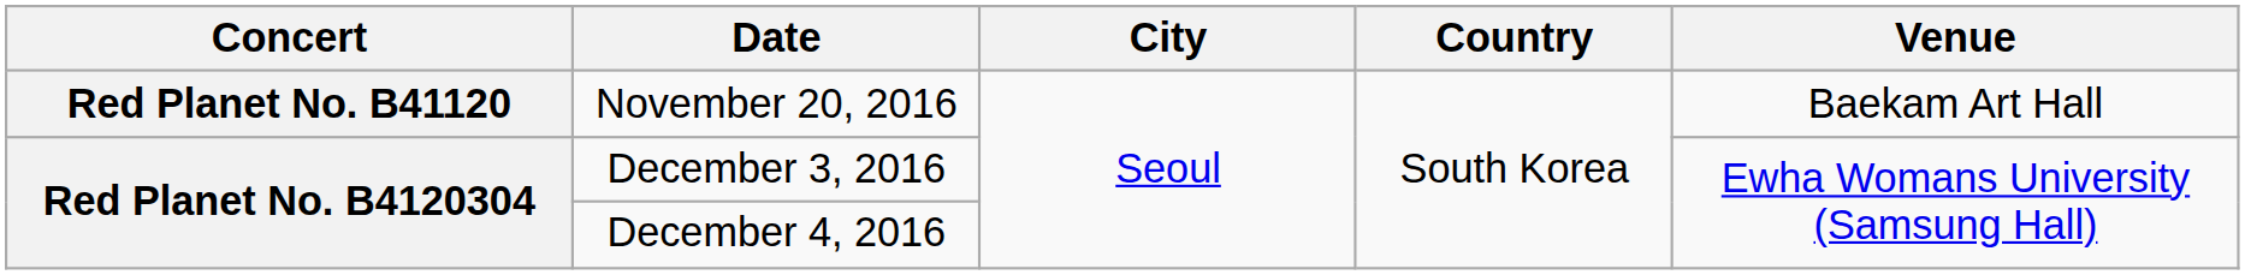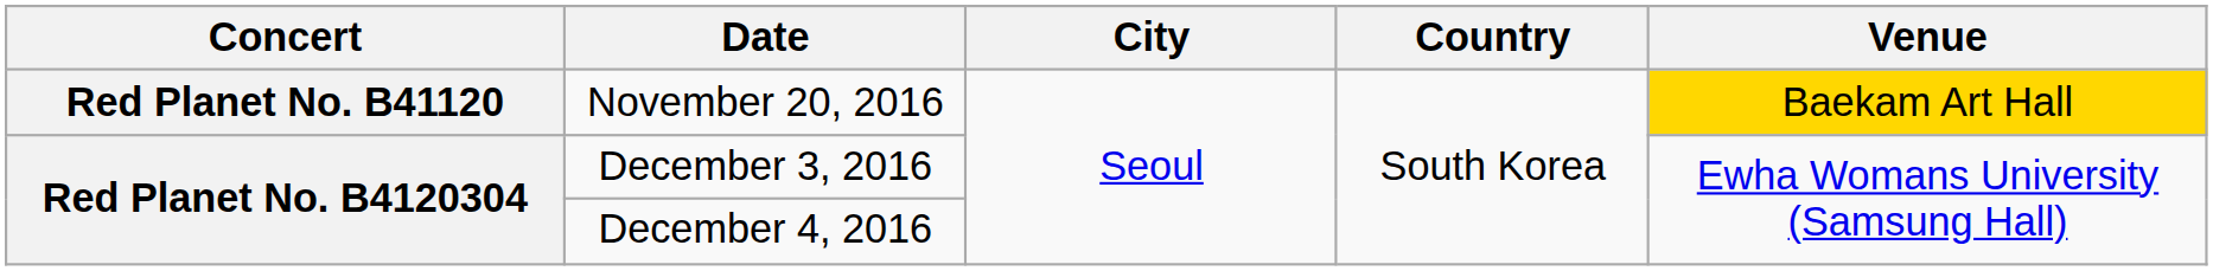 <table class="wikitable plainrowheaders" style="text-align:center;">
 <tr>
 <th width="300">Concert</th>
 <th width="200">Date</th>
 <th width="200">City</th>
 <th width="150">Country</th>
 <th width="300">Venue</th>
 </tr>
 <tr>
 <th scope="row">Red Planet No. B41120</th>
 <td>November 20, 2016</td>
 <td rowspan="3"><a href='#'>Seoul</a></td>
 <td rowspan="3">South Korea</td>
-<td>Baekam Art Hall</td>
+<td style="background: gold;">Baekam Art Hall</td>
 </tr>
 <tr>
 <th scope="row" rowspan="2">Red Planet No. B4120304</th>
 <td>December 3, 2016</td>
 <td rowspan="2"><a href='#'>Ewha Womans University (Samsung Hall)</a></td>
 </tr>
 <tr>
 <td>December 4, 2016</td>
 </tr>
 </table>
